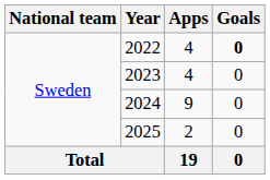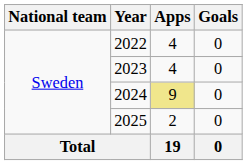 <table class="wikitable" style="text-align:center">
 <tr>
 <th>National team</th>
 <th>Year</th>
 <th>Apps</th>
 <th>Goals</th>
 </tr>
 <tr>
 <td rowspan="4"><a href='#'>Sweden</a></td>
 <td>2022</td>
 <td>4</td>
-<td><strong>0</strong></td>
+<td>0</td>
 </tr>
 <tr>
 <td>2023</td>
 <td>4</td>
 <td>0</td>
 </tr>
 <tr>
 <td>2024</td>
-<td>9</td>
+<td style="background: khaki;">9</td>
 <td>0</td>
 </tr>
 <tr>
 <td>2025</td>
 <td>2</td>
 <td>0</td>
 </tr>
 <tr>
 <th colspan="2">Total</th>
 <th>19</th>
 <th>0</th>
 </tr>
 </table>
